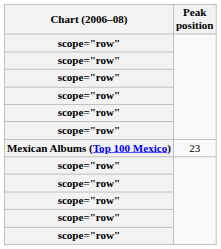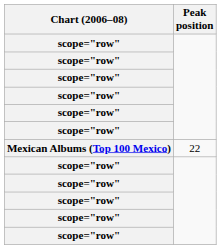 <table class="wikitable sortable plainrowheaders" style="text-align:center">
 <tr>
 <th scope="col">Chart (2006–08)</th>
 <th scope="col">Peak<br>position</th>
 </tr>
 <tr>
 <th>scope="row" </th>
 </tr>
 <tr>
 <th>scope="row" </th>
 </tr>
 <tr>
 <th>scope="row" </th>
 </tr>
 <tr>
 <th>scope="row" </th>
 </tr>
 <tr>
 <th>scope="row" </th>
 </tr>
 <tr>
 <th>scope="row" </th>
 </tr>
 <tr>
 <th scope="row">Mexican Albums (<a href='#'>Top 100 Mexico</a>)</th>
-<td align="center">23</td>
+<td align="center">22</td>
 </tr>
 <tr>
 <th>scope="row" </th>
 </tr>
 <tr>
 <th>scope="row" </th>
 </tr>
 <tr>
 <th>scope="row" </th>
 </tr>
 <tr>
 <th>scope="row" </th>
 </tr>
 <tr>
 <th>scope="row" </th>
 </tr>
 </table>
